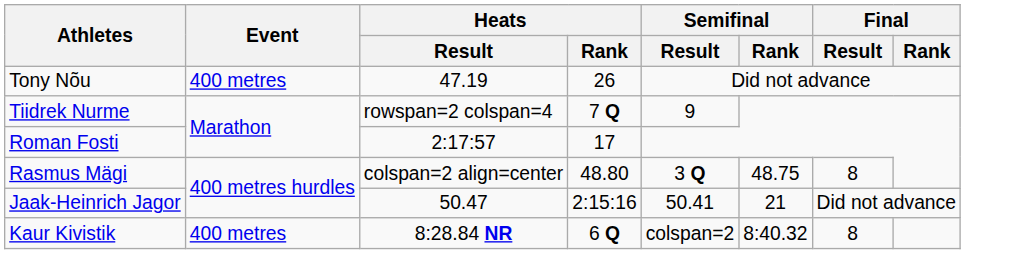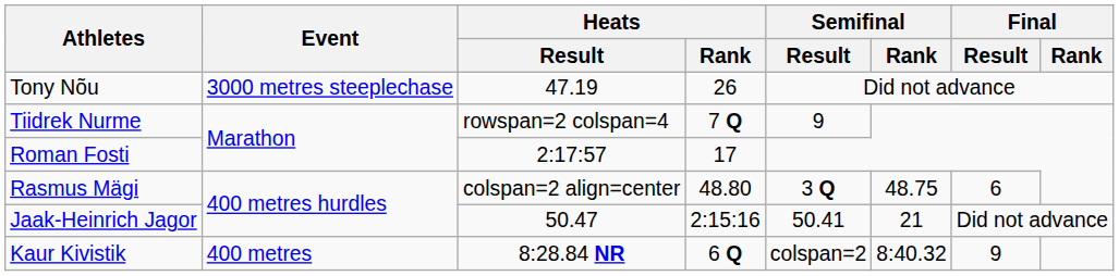 <table class="wikitable" border="1" style="font-size:90%">
 <tr>
 <th rowspan="2">Athletes</th>
 <th rowspan="2">Event</th>
 <th colspan="2">Heats</th>
 <th colspan="2">Semifinal</th>
 <th colspan="2">Final</th>
 </tr>
 <tr>
 <th>Result</th>
 <th>Rank</th>
 <th>Result</th>
 <th>Rank</th>
 <th>Result</th>
 <th>Rank</th>
 </tr>
 <tr>
 <td align=left>Tony Nõu</td>
-<td align=left><a href='#'>400 metres</a></td>
+<td><a href='#'>3000 metres steeplechase</a></td>
 <td align=center>47.19</td>
 <td align=center>26</td>
 <td align=center colspan=4>Did not advance</td>
 </tr>
 <tr>
 <td><a href='#'>Tiidrek Nurme</a></td>
 <td rowspan=2><a href='#'>Marathon</a></td>
 <td>rowspan=2 colspan=4 </td>
 <td align=center>7 <strong>Q</strong></td>
 <td align=center>9</td>
 </tr>
 <tr>
 <td><a href='#'>Roman Fosti</a></td>
 <td align=center>2:17:57 <strong></strong></td>
 <td align=center>17</td>
 </tr>
 <tr>
 <td><a href='#'>Rasmus Mägi</a></td>
 <td rowspan=2><a href='#'>400 metres hurdles</a></td>
 <td>colspan=2 align=center </td>
 <td align=center>48.80 <strong></strong></td>
 <td align=center>3 <strong>Q</strong></td>
 <td align=center>48.75 <strong></strong></td>
-<td align=center>8</td>
+<td align=center>6</td>
 </tr>
 <tr>
 <td><a href='#'>Jaak-Heinrich Jagor</a></td>
 <td align=center>50.47</td>
 <td align=center>2:15:16 <strong></strong></td>
 <td align=center>50.41</td>
 <td align=center>21</td>
 <td align=center colspan=2>Did not advance</td>
 </tr>
 <tr>
 <td><a href='#'>Kaur Kivistik</a></td>
 <td align=left><a href='#'>400 metres</a></td>
 <td align=center>8:28.84 <strong><a href='#'>NR</a></strong></td>
 <td align=center>6 <strong>Q</strong></td>
 <td>colspan=2 </td>
 <td align=center>8:40.32</td>
-<td align=center>8</td>
+<td align=center>9</td>
 </tr>
 </table>
